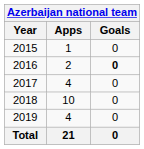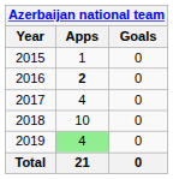 <table class="wikitable" style="text-align:center">
 <tr>
 <th colspan=3><a href='#'>Azerbaijan national team</a></th>
 </tr>
 <tr>
 <th>Year</th>
 <th>Apps</th>
 <th>Goals</th>
 </tr>
 <tr>
 <td>2015</td>
 <td>1</td>
 <td>0</td>
 </tr>
 <tr>
 <td>2016</td>
-<td>2</td>
-<td><strong>0</strong></td>
+<td><strong>2</strong></td>
+<td>0</td>
 </tr>
 <tr>
 <td>2017</td>
 <td>4</td>
 <td>0</td>
 </tr>
 <tr>
 <td>2018</td>
 <td>10</td>
 <td>0</td>
 </tr>
 <tr>
 <td>2019</td>
-<td>4</td>
+<td style="background: lightgreen;">4</td>
 <td>0</td>
 </tr>
 <tr>
 <th>Total</th>
 <th>21</th>
 <th>0</th>
 </tr>
 </table>
